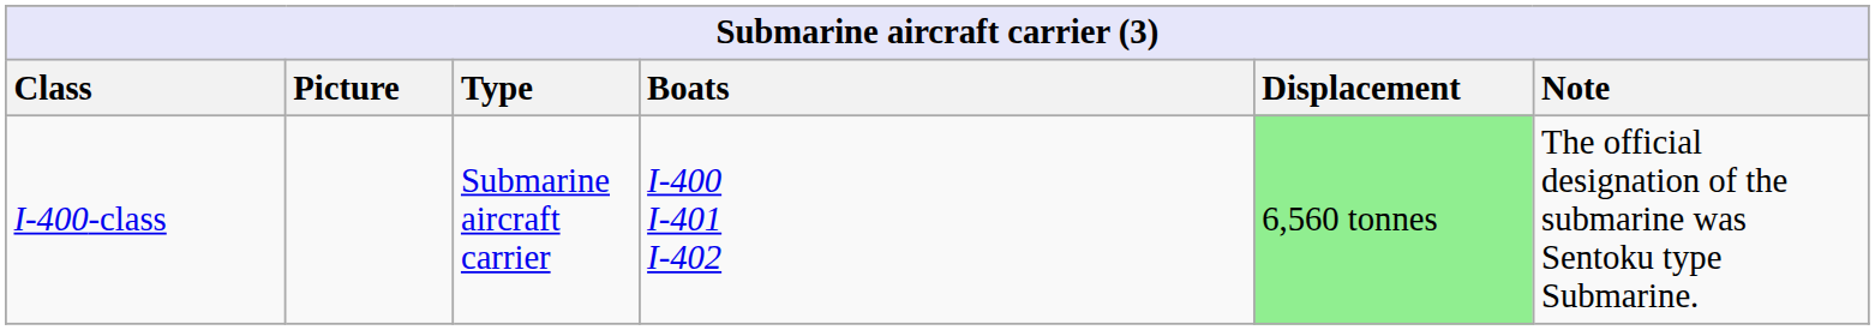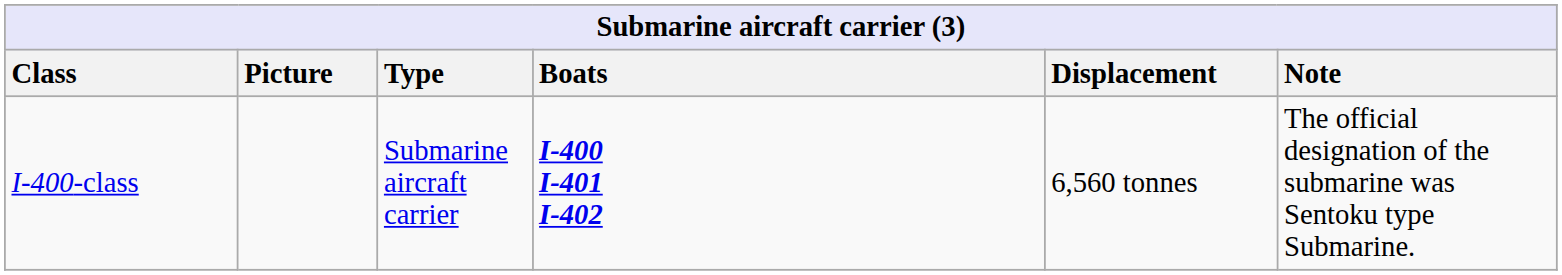 <table class="wikitable ">
 <tr>
 <th colspan="6" style="background: lavender;">Submarine aircraft carrier (3)</th>
 </tr>
 <tr>
 <th style="text-align:left; width:15%;">Class</th>
 <th style="text-align:left; width:9%;">Picture</th>
 <th style="text-align:left; width:10%;">Type</th>
 <th style="text-align:left; width:33%;">Boats</th>
 <th style="text-align:left; width:15%;">Displacement</th>
 <th style="text-align:left; width:20%;">Note</th>
 </tr>
 <tr>
 <td><a href='#'><em>I-400</em>-class</a></td>
 <td></td>
 <td><a href='#'>Submarine aircraft carrier</a></td>
-<td><a href='#'><em>I-400</em></a><br><a href='#'><em>I-401</em></a><br><a href='#'><em>I-402</em></a></td>
-<td style="background: lightgreen;">6,560 tonnes</td>
+<td><strong><a href='#'><em>I-400</em></a><br><a href='#'><em>I-401</em></a><br><a href='#'><em>I-402</em></a></strong></td>
+<td>6,560 tonnes</td>
 <td>The official designation of the submarine was Sentoku type Submarine.</td>
 </tr>
 </table>
